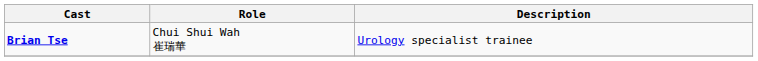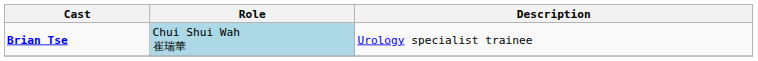 <table class="wikitable" width="55%">
 <tr>
 <th>Cast</th>
 <th>Role</th>
 <th>Description</th>
 </tr>
 <tr>
 <td><strong><a href='#'>Brian Tse</a></strong></td>
-<td>Chui Shui Wah<br>崔瑞華</td>
+<td style="background: lightblue;">Chui Shui Wah<br>崔瑞華</td>
 <td><a href='#'>Urology</a> specialist trainee</td>
 </tr>
 <tr Candice Chiu       Siu Wing                    Urology    Higher Trainee>
 </tr>
 </table>
